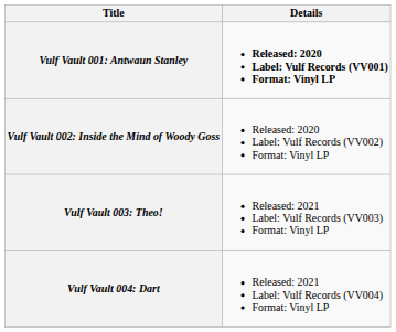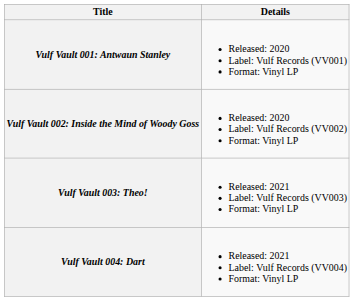 <table class="wikitable plainrowheaders">
 <tr>
 <th>Title</th>
 <th>Details</th>
 </tr>
 <tr>
 <th scope="row"><em>Vulf Vault 001: Antwaun Stanley</em></th>
-<td><strong><br><ul><li>Released: 2020</li><li>Label: Vulf Records (VV001)</li><li>Format: Vinyl LP</li></ul></strong></td>
+<td><br><ul><li>Released: 2020</li><li>Label: Vulf Records (VV001)</li><li>Format: Vinyl LP</li></ul></td>
 </tr>
 <tr>
 <th scope="row"><em>Vulf Vault 002: Inside the Mind of Woody Goss</em></th>
 <td><br><ul><li>Released: 2020</li><li>Label: Vulf Records (VV002)</li><li>Format: Vinyl LP</li></ul></td>
 </tr>
 <tr>
 <th scope="row"><em>Vulf Vault 003: Theo!</em></th>
 <td><br><ul><li>Released: 2021</li><li>Label: Vulf Records (VV003)</li><li>Format: Vinyl LP</li></ul></td>
 </tr>
 <tr>
 <th scope="row"><em>Vulf Vault 004: Dart</em></th>
 <td><br><ul><li>Released: 2021</li><li>Label: Vulf Records (VV004)</li><li>Format: Vinyl LP</li></ul></td>
 </tr>
 </table>
